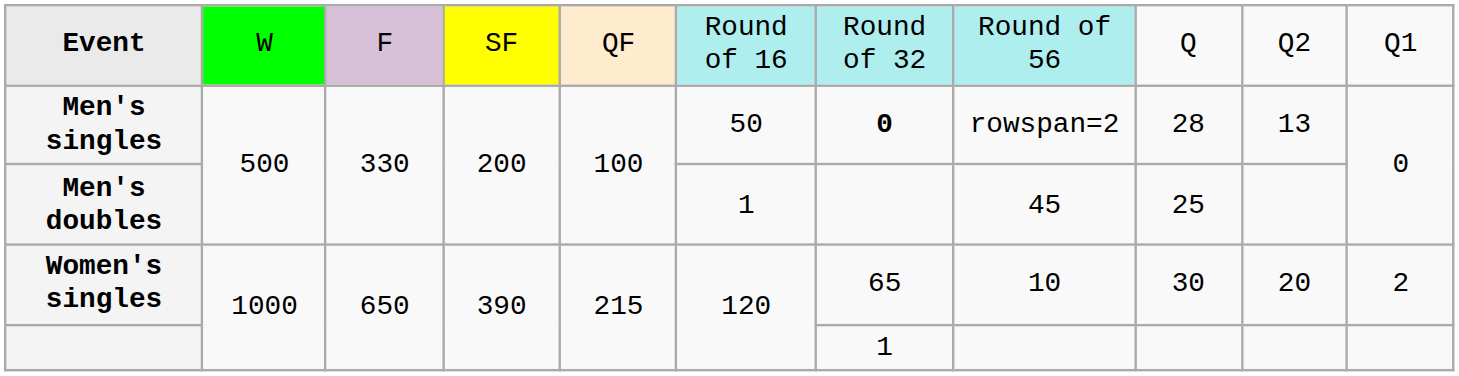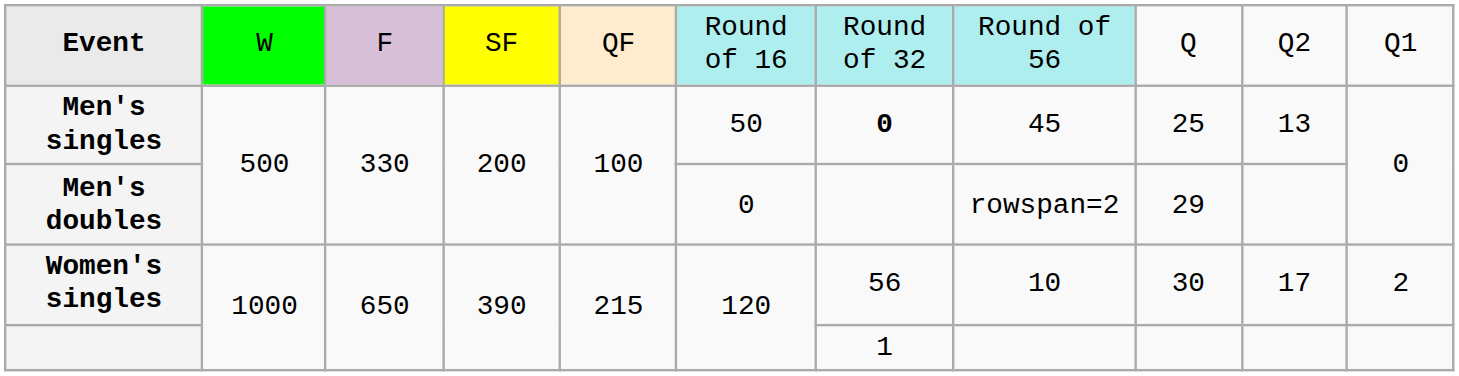 <table class=wikitable style=font-size:90%;text-align:center>
 <tr>
 <td style="width:130px; background:#eaeaea;"><strong>Event</strong></td>
 <td style="width:80px; background:lime;">W</td>
 <td style="width:85px; background:thistle;">F</td>
 <td style="width:85px; background:#ff0;">SF</td>
 <td style="width:85px; background:#ffebcd;">QF</td>
 <td style="width:85px; background:#afeeee;">Round of 16</td>
 <td style="width:85px; background:#afeeee;">Round of 32</td>
 <td style="width:85px; background:#afeeee;">Round of 56</td>
 <td style="width:85px;">Q</td>
 <td style="width:85px;">Q2</td>
 <td style="width:85px;">Q1</td>
 </tr>
 <tr>
 <th style="background:#f4f4f4;">Men's singles</th>
 <td rowspan=2>500</td>
 <td rowspan=2>330</td>
 <td rowspan=2>200</td>
 <td rowspan=2>100</td>
 <td>50</td>
 <td><strong>0</strong></td>
-<td>rowspan=2 </td>
-<td>28</td>
+<td>45</td>
+<td>25</td>
 <td>13</td>
 <td rowspan=2>0</td>
 </tr>
 <tr>
 <th style="background:#f4f4f4;">Men's doubles</th>
-<td>1</td>
+<td>0</td>
 <td></td>
-<td>45</td>
-<td>25</td>
+<td>rowspan=2 </td>
+<td>29</td>
 </tr>
 <tr>
 <th style="background:#f4f4f4;">Women's singles</th>
 <td rowspan=2>1000</td>
 <td rowspan=2>650</td>
 <td rowspan=2>390</td>
 <td rowspan=2>215</td>
 <td rowspan=2>120</td>
-<td>65</td>
+<td>56</td>
 <td>10</td>
 <td>30</td>
-<td>20</td>
+<td>17</td>
 <td>2</td>
 </tr>
 <tr>
 <th style="background:#f4f4f4;"></th>
 <td>1</td>
 <td></td>
 <td></td>
 <td></td>
 <td></td>
 </tr>
 </table>
